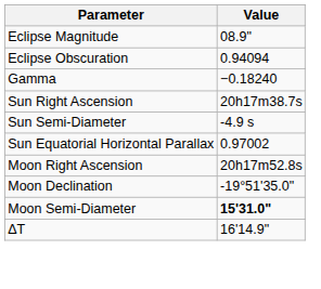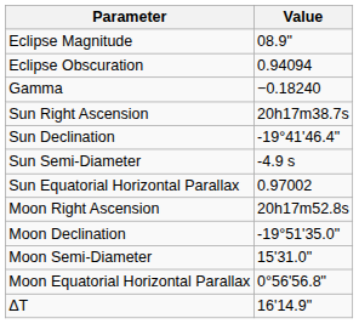 <table class="wikitable">
 <tr>
 <th>Parameter</th>
 <th>Value</th>
 </tr>
 <tr>
 <td>Eclipse Magnitude</td>
 <td>08.9"</td>
 </tr>
 <tr>
 <td>Eclipse Obscuration</td>
 <td>0.94094</td>
 </tr>
 <tr>
 <td>Gamma</td>
 <td>−0.18240</td>
 </tr>
 <tr>
 <td>Sun Right Ascension</td>
 <td>20h17m38.7s</td>
 </tr>
 <tr>
+<td>Sun Declination</td>
+<td>-19°41'46.4"</td>
+</tr>
+<tr>
 <td>Sun Semi-Diameter</td>
 <td>-4.9 s</td>
 </tr>
 <tr>
 <td>Sun Equatorial Horizontal Parallax</td>
 <td>0.97002</td>
 </tr>
 <tr>
 <td>Moon Right Ascension</td>
 <td>20h17m52.8s</td>
 </tr>
 <tr>
 <td>Moon Declination</td>
 <td>-19°51'35.0"</td>
 </tr>
 <tr>
 <td>Moon Semi-Diameter</td>
-<td><strong>15'31.0"</strong></td>
+<td>15'31.0"</td>
+</tr>
+<tr>
+<td>Moon Equatorial Horizontal Parallax</td>
+<td>0°56'56.8"</td>
 </tr>
 <tr>
 <td>ΔT</td>
 <td>16'14.9"</td>
 </tr>
 </table>
